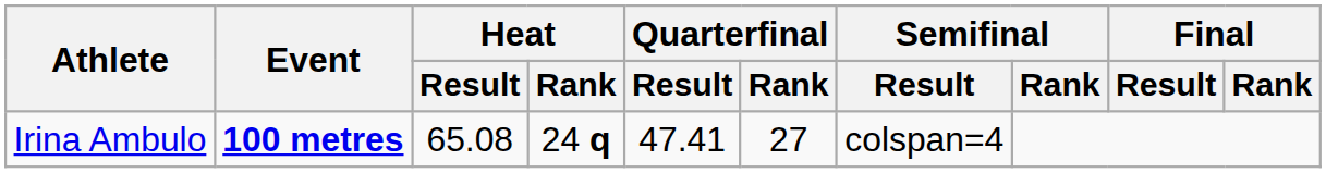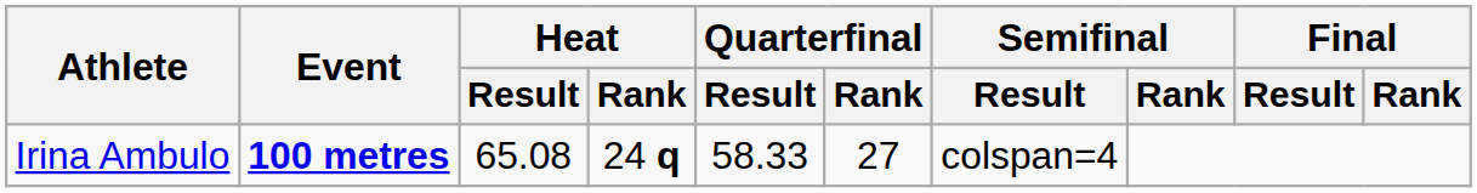 <table class=wikitable style=font-size:90%>
 <tr>
 <th rowspan=2>Athlete</th>
 <th rowspan=2>Event</th>
 <th colspan=2>Heat</th>
 <th colspan=2>Quarterfinal</th>
 <th colspan=2>Semifinal</th>
 <th colspan=2>Final</th>
 </tr>
 <tr style=font-size:95%>
 <th>Result</th>
 <th>Rank</th>
 <th>Result</th>
 <th>Rank</th>
 <th>Result</th>
 <th>Rank</th>
 <th>Result</th>
 <th>Rank</th>
 </tr>
 <tr align=center>
 <td align=left><a href='#'>Irina Ambulo</a></td>
 <td align=left><strong><a href='#'>100 metres</a></strong></td>
 <td>65.08</td>
 <td>24 <strong>q</strong></td>
-<td>47.41</td>
+<td>58.33</td>
 <td>27</td>
 <td>colspan=4 </td>
 </tr>
 </table>
